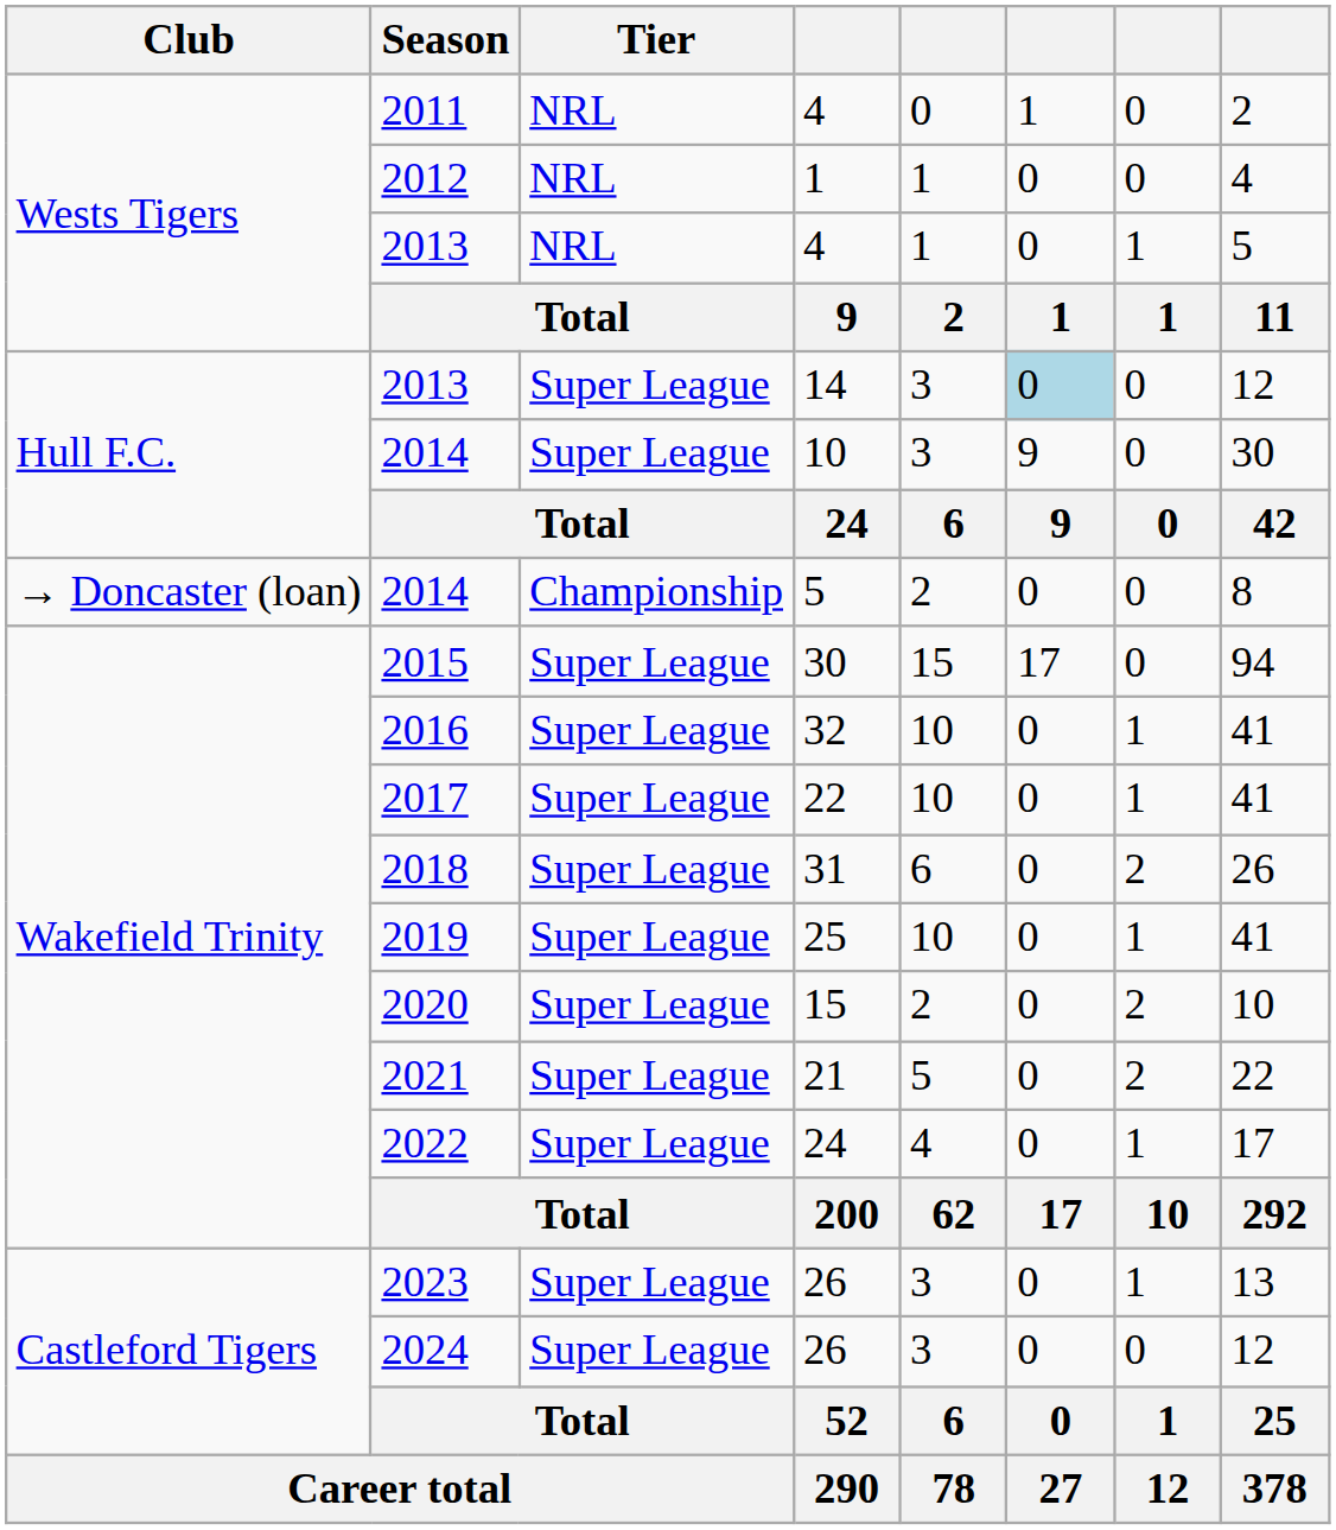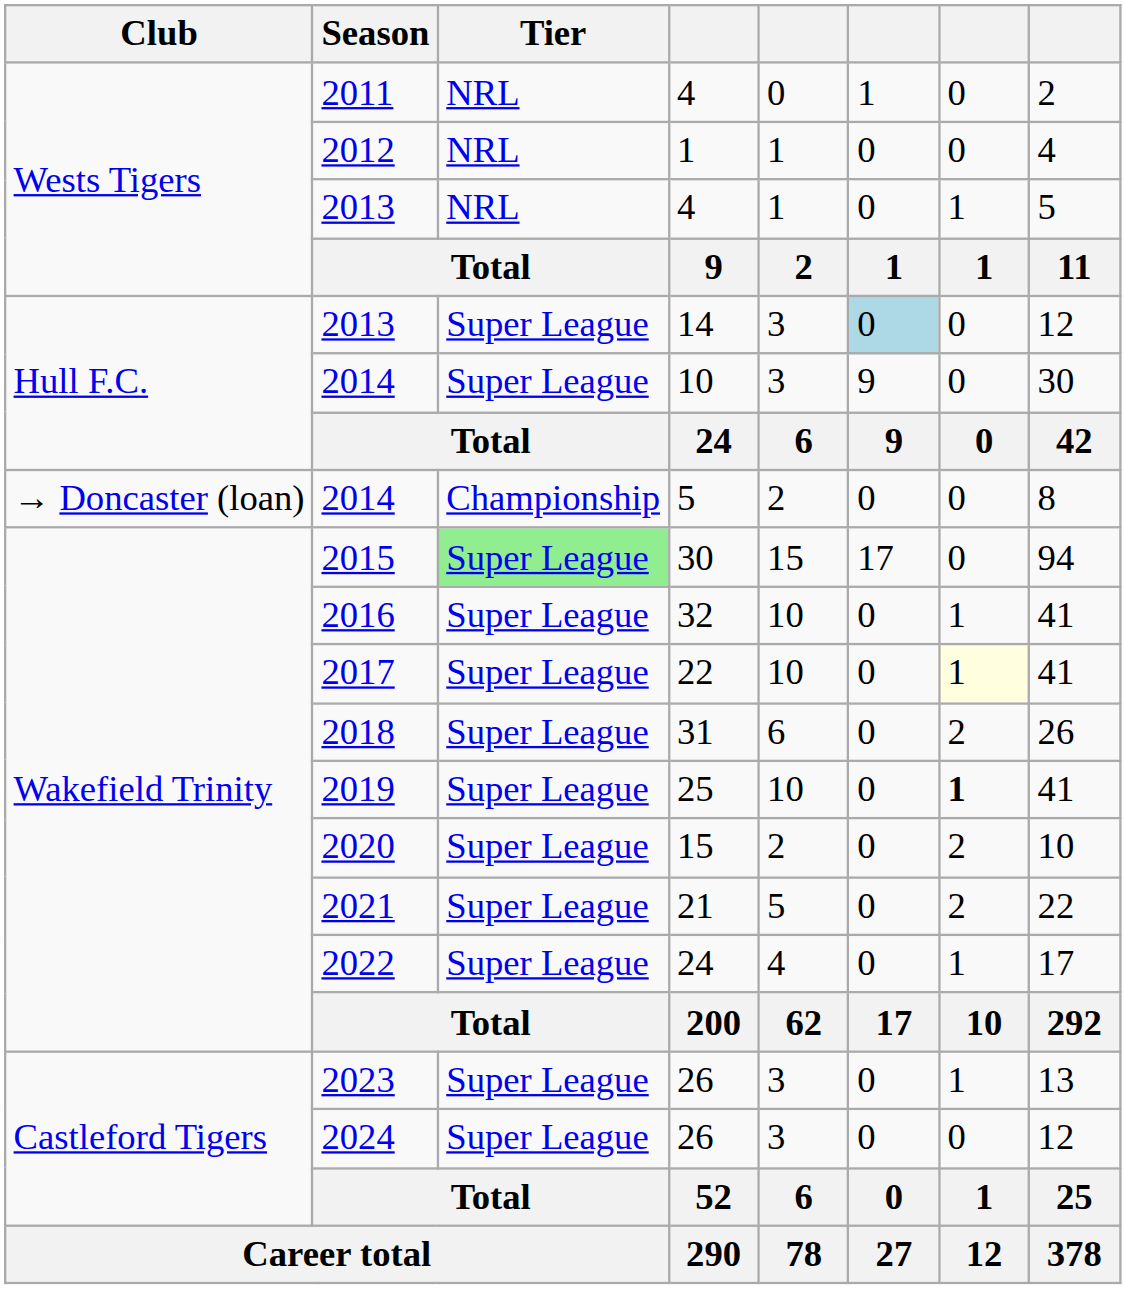 <table class="wikitable defaultcenter">
 <tr>
 <th>Club</th>
 <th>Season</th>
 <th>Tier</th>
 <th style="width:2em;"></th>
 <th style="width:2em;"></th>
 <th style="width:2em;"></th>
 <th style="width:2em;"></th>
 <th style="width:2em;"></th>
 </tr>
 <tr>
 <td rowspan="4" style="text-align:left;"> <a href='#'>Wests Tigers</a></td>
 <td><a href='#'>2011</a></td>
 <td><a href='#'>NRL</a></td>
 <td>4</td>
 <td>0</td>
 <td>1</td>
 <td>0</td>
 <td>2</td>
 </tr>
 <tr>
 <td><a href='#'>2012</a></td>
 <td><a href='#'>NRL</a></td>
 <td>1</td>
 <td>1</td>
 <td>0</td>
 <td>0</td>
 <td>4</td>
 </tr>
 <tr>
 <td><a href='#'>2013</a></td>
 <td><a href='#'>NRL</a></td>
 <td>4</td>
 <td>1</td>
 <td>0</td>
 <td>1</td>
 <td>5</td>
 </tr>
 <tr>
 <th colspan="2">Total</th>
 <th>9</th>
 <th>2</th>
 <th>1</th>
 <th>1</th>
 <th>11</th>
 </tr>
 <tr>
 <td rowspan="3" style="text-align:left;"> <a href='#'>Hull F.C.</a></td>
 <td><a href='#'>2013</a></td>
 <td><a href='#'>Super League</a></td>
 <td>14</td>
 <td>3</td>
 <td style="background: lightblue;">0</td>
 <td>0</td>
 <td>12</td>
 </tr>
 <tr>
 <td><a href='#'>2014</a></td>
 <td><a href='#'>Super League</a></td>
 <td>10</td>
 <td>3</td>
 <td>9</td>
 <td>0</td>
 <td>30</td>
 </tr>
 <tr>
 <th colspan="2">Total</th>
 <th>24</th>
 <th>6</th>
 <th>9</th>
 <th>0</th>
 <th>42</th>
 </tr>
 <tr>
 <td style="text-align:left;">→  <a href='#'>Doncaster</a> (loan)</td>
 <td><a href='#'>2014</a></td>
 <td><a href='#'>Championship</a></td>
 <td>5</td>
 <td>2</td>
 <td>0</td>
 <td>0</td>
 <td>8</td>
 </tr>
 <tr>
 <td rowspan="9" style="text-align:left;"> <a href='#'>Wakefield Trinity</a></td>
 <td><a href='#'>2015</a></td>
-<td><a href='#'>Super League</a></td>
+<td style="background: lightgreen;"><a href='#'>Super League</a></td>
 <td>30</td>
 <td>15</td>
 <td>17</td>
 <td>0</td>
 <td>94</td>
 </tr>
 <tr>
 <td><a href='#'>2016</a></td>
 <td><a href='#'>Super League</a></td>
 <td>32</td>
 <td>10</td>
 <td>0</td>
 <td>1</td>
 <td>41</td>
 </tr>
 <tr>
 <td><a href='#'>2017</a></td>
 <td><a href='#'>Super League</a></td>
 <td>22</td>
 <td>10</td>
 <td>0</td>
-<td>1</td>
+<td style="background: lightyellow;">1</td>
 <td>41</td>
 </tr>
 <tr>
 <td><a href='#'>2018</a></td>
 <td><a href='#'>Super League</a></td>
 <td>31</td>
 <td>6</td>
 <td>0</td>
 <td>2</td>
 <td>26</td>
 </tr>
 <tr>
 <td><a href='#'>2019</a></td>
 <td><a href='#'>Super League</a></td>
 <td>25</td>
 <td>10</td>
 <td>0</td>
-<td>1</td>
+<td><strong>1</strong></td>
 <td>41</td>
 </tr>
 <tr>
 <td><a href='#'>2020</a></td>
 <td><a href='#'>Super League</a></td>
 <td>15</td>
 <td>2</td>
 <td>0</td>
 <td>2</td>
 <td>10</td>
 </tr>
 <tr>
 <td><a href='#'>2021</a></td>
 <td><a href='#'>Super League</a></td>
 <td>21</td>
 <td>5</td>
 <td>0</td>
 <td>2</td>
 <td>22</td>
 </tr>
 <tr>
 <td><a href='#'>2022</a></td>
 <td><a href='#'>Super League</a></td>
 <td>24</td>
 <td>4</td>
 <td>0</td>
 <td>1</td>
 <td>17</td>
 </tr>
 <tr>
 <th colspan="2">Total</th>
 <th>200</th>
 <th>62</th>
 <th>17</th>
 <th>10</th>
 <th>292</th>
 </tr>
 <tr>
 <td rowspan="3" style="text-align:left;"> <a href='#'>Castleford Tigers</a></td>
 <td><a href='#'>2023</a></td>
 <td><a href='#'>Super League</a></td>
 <td>26</td>
 <td>3</td>
 <td>0</td>
 <td>1</td>
 <td>13</td>
 </tr>
 <tr>
 <td><a href='#'>2024</a></td>
 <td><a href='#'>Super League</a></td>
 <td>26</td>
 <td>3</td>
 <td>0</td>
 <td>0</td>
 <td>12</td>
 </tr>
 <tr>
 <th colspan="2">Total</th>
 <th>52</th>
 <th>6</th>
 <th>0</th>
 <th>1</th>
 <th>25</th>
 </tr>
 <tr>
 <th colspan="3">Career total</th>
 <th>290</th>
 <th>78</th>
 <th>27</th>
 <th>12</th>
 <th>378</th>
 </tr>
 </table>
